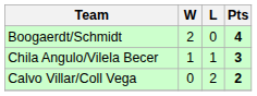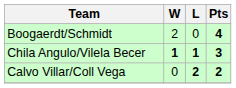 <table class="wikitable" style="text-align:center;">
 <tr>
 <th width=200>Team</th>
 <th width=20>W</th>
 <th width=20>L</th>
 <th width=20>Pts</th>
 </tr>
 <tr bgcolor="#ccffcc">
 <td align="left"> Boogaerdt/Schmidt</td>
 <td>2</td>
 <td>0</td>
 <td><strong>4</strong></td>
 </tr>
 <tr bgcolor="#ccffcc">
 <td align="left"> Chila Angulo/Vilela Becer</td>
-<td>1</td>
-<td>1</td>
+<td><strong>1</strong></td>
+<td><strong>1</strong></td>
 <td><strong>3</strong></td>
 </tr>
 <tr bgcolor="#ccffcc">
 <td align="left"> Calvo Villar/Coll Vega</td>
 <td>0</td>
-<td>2</td>
+<td><strong>2</strong></td>
 <td><strong>2</strong></td>
 </tr>
 <tr>
 </tr>
 </table>
